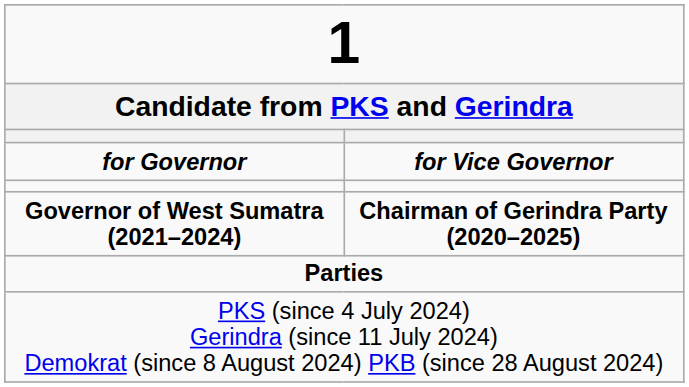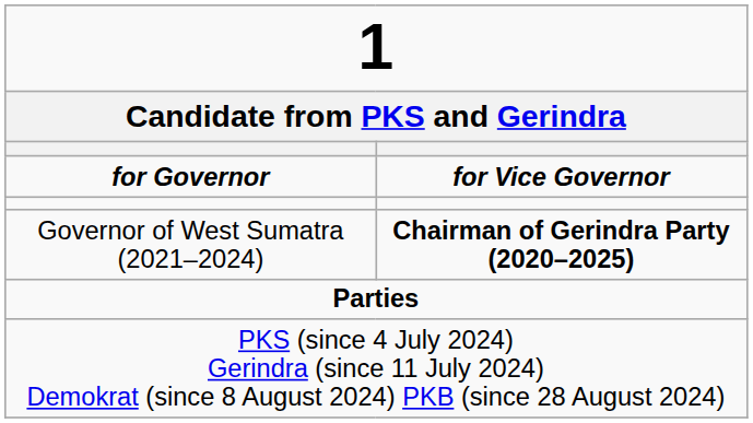 <table class="wikitable" style="font-size:90%; text-align:center;">
 <tr>
 <td colspan=2><big><big><big><big><big><strong>1</strong></big></big></big></big></big></td>
 </tr>
 <tr>
 <th colspan=2><big>Candidate from <a href='#'>PKS</a> and <a href='#'>Gerindra</a></big></th>
 </tr>
 <tr>
 <th style="width:3em; font-size:135%; background:#"><a href='#'></a></th>
 <th style="width:3em; font-size:135%; background:#"></th>
 </tr>
 <tr style="color:#000; font-size:100%; background:#">
 <td style="width:3em; width:200px;"><strong><em>for Governor</em></strong></td>
 <td style="width:3em; width:200px;"><strong><em>for Vice Governor</em></strong></td>
 </tr>
 <tr>
 <td></td>
 <td></td>
 </tr>
 <tr>
-<td><strong>Governor of West Sumatra (2021–2024)</strong></td>
+<td>Governor of West Sumatra (2021–2024)</td>
 <td><strong>Chairman of Gerindra Party (2020–2025)</strong></td>
 </tr>
 <tr>
 <td colspan=2 style="background:#"><strong>Parties</strong></td>
 </tr>
 <tr>
 <td colspan="2"> <a href='#'>PKS</a> (since 4 July 2024)<br> <a href='#'>Gerindra</a> (since 11 July 2024)<br> <a href='#'>Demokrat</a> (since 8 August 2024) <a href='#'>PKB</a> (since 28 August 2024)</td>
 </tr>
 </table>
